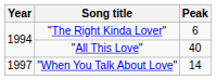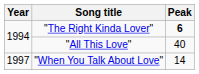 <table class="wikitable" style="text-align:center;">
 <tr>
 <th>Year</th>
 <th>Song title</th>
 <th>Peak</th>
 </tr>
 <tr>
 <td rowspan="2">1994</td>
 <td>"<a href='#'>The Right Kinda Lover</a>"</td>
-<td>6</td>
+<td><strong>6</strong></td>
 </tr>
 <tr>
 <td>"<a href='#'>All This Love</a>"</td>
 <td>40</td>
 </tr>
 <tr>
 <td>1997</td>
 <td>"<a href='#'>When You Talk About Love</a>"</td>
 <td>14</td>
 </tr>
 </table>
